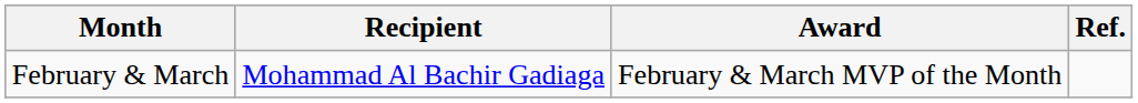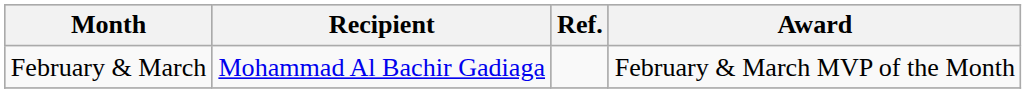 <table class="wikitable">
 <tr>
 <th>Month</th>
 <th>Recipient</th>
+<th>Ref.</th>
 <th>Award</th>
-<th>Ref.</th>
 </tr>
 <tr>
 <td>February & March</td>
 <td><a href='#'>Mohammad Al Bachir Gadiaga</a></td>
+<td></td>
 <td>February & March MVP of the Month</td>
-<td></td>
 </tr>
 </table>
